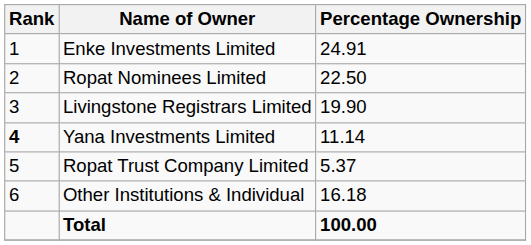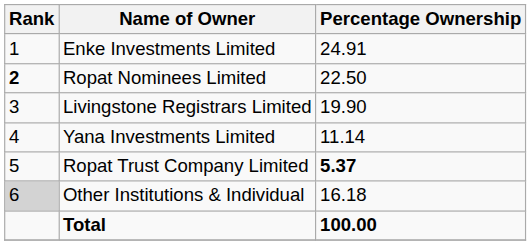 <table class="wikitable sortable" style="margin: 0.5em auto">
 <tr>
 <th>Rank</th>
 <th>Name of Owner</th>
 <th>Percentage Ownership</th>
 </tr>
 <tr>
 <td>1</td>
 <td>Enke Investments Limited</td>
 <td>24.91</td>
 </tr>
 <tr>
-<td>2</td>
+<td><strong>2</strong></td>
 <td>Ropat Nominees Limited</td>
 <td>22.50</td>
 </tr>
 <tr>
 <td>3</td>
 <td>Livingstone Registrars Limited</td>
 <td>19.90</td>
 </tr>
 <tr>
-<td><strong>4</strong></td>
+<td>4</td>
 <td>Yana Investments Limited</td>
 <td>11.14</td>
 </tr>
 <tr>
 <td>5</td>
 <td>Ropat Trust Company Limited</td>
-<td>5.37</td>
+<td><strong>5.37</strong></td>
 </tr>
 <tr>
-<td>6</td>
+<td style="background: lightgrey;">6</td>
 <td>Other Institutions & Individual</td>
 <td>16.18</td>
 </tr>
 <tr>
 <td></td>
 <td><strong>Total</strong></td>
 <td><strong>100.00</strong></td>
 </tr>
 <tr>
 </tr>
 </table>
